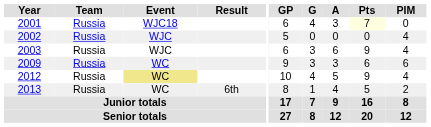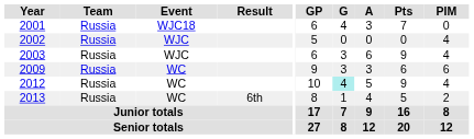 <table border="0" cellpadding="1" cellspacing="0" ID="Table3" style="text-align:center; width:40em">
 <tr ALIGN="center" bgcolor="#e0e0e0">
 <th>Year</th>
 <th>Team</th>
 <th>Event</th>
 <th>Result</th>
 <th rowspan="99" bgcolor="#ffffff"></th>
 <th>GP</th>
 <th>G</th>
 <th>A</th>
 <th>Pts</th>
 <th>PIM</th>
 </tr>
 <tr>
 <td><a href='#'>2001</a></td>
 <td><a href='#'>Russia</a></td>
 <td><a href='#'>WJC18</a></td>
 <td></td>
 <td>6</td>
 <td>4</td>
 <td>3</td>
-<td style="background: lightyellow;">7</td>
+<td>7</td>
 <td>0</td>
 </tr>
 <tr bgcolor="#f0f0f0">
 <td><a href='#'>2002</a></td>
 <td><a href='#'>Russia</a></td>
 <td><a href='#'>WJC</a></td>
 <td></td>
 <td>5</td>
 <td>0</td>
 <td>0</td>
 <td>0</td>
 <td>4</td>
 </tr>
 <tr>
 <td><a href='#'>2003</a></td>
 <td>Russia</td>
 <td>WJC</td>
 <td></td>
 <td>6</td>
 <td>3</td>
 <td>6</td>
 <td>9</td>
 <td>4</td>
 </tr>
 <tr bgcolor="#f0f0f0">
 <td><a href='#'>2009</a></td>
 <td><a href='#'>Russia</a></td>
 <td><a href='#'>WC</a></td>
 <td></td>
 <td>9</td>
 <td>3</td>
 <td>3</td>
 <td>6</td>
 <td>6</td>
 </tr>
 <tr>
 <td><a href='#'>2012</a></td>
 <td>Russia</td>
-<td style="background: khaki;">WC</td>
+<td>WC</td>
 <td></td>
 <td>10</td>
-<td>4</td>
+<td style="background: paleturquoise;">4</td>
 <td>5</td>
 <td>9</td>
 <td>4</td>
 </tr>
 <tr bgcolor="#f0f0f0">
 <td><a href='#'>2013</a></td>
 <td>Russia</td>
 <td>WC</td>
 <td>6th</td>
 <td>8</td>
 <td>1</td>
 <td>4</td>
 <td>5</td>
 <td>2</td>
 </tr>
 <tr bgcolor="#e0e0e0">
 <th colspan="4">Junior totals</th>
 <th>17</th>
 <th>7</th>
 <th>9</th>
 <th>16</th>
 <th>8</th>
 </tr>
 <tr bgcolor="#e0e0e0">
 <th colspan=4>Senior totals</th>
 <th>27</th>
 <th>8</th>
 <th>12</th>
 <th>20</th>
 <th>12</th>
 </tr>
 </table>
